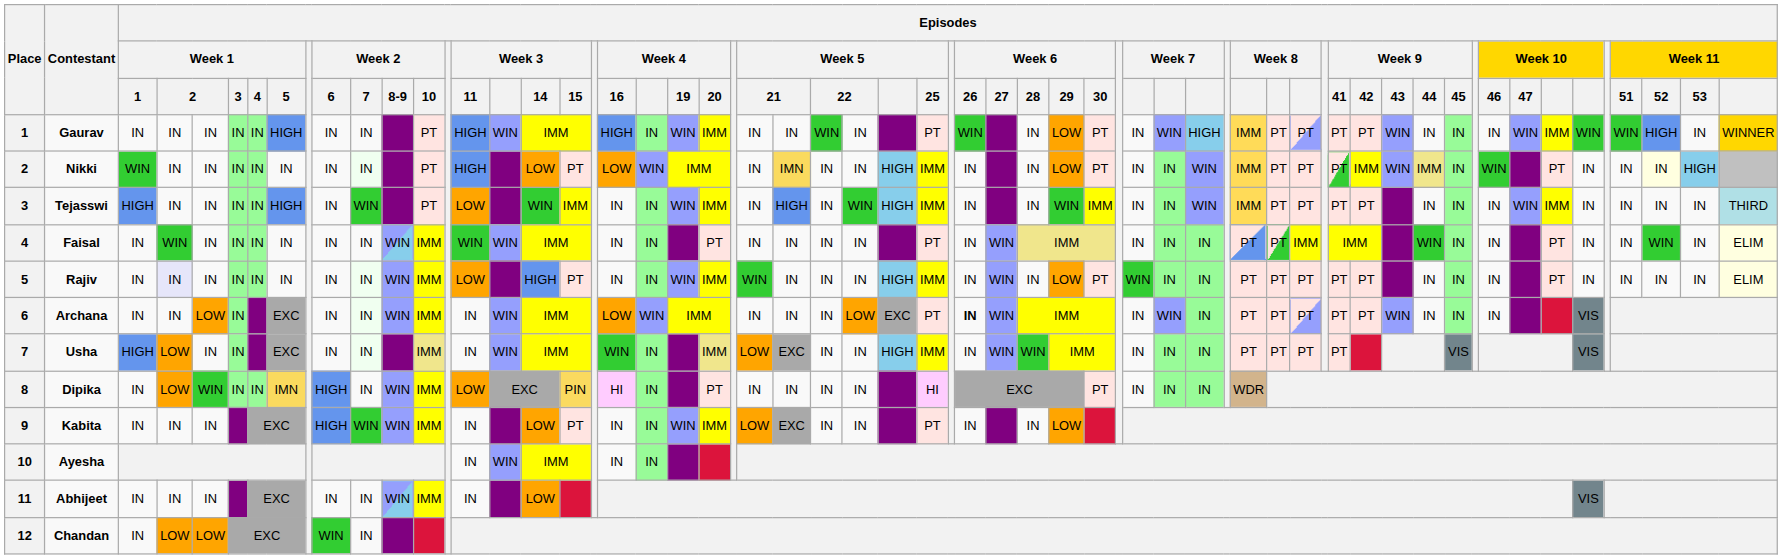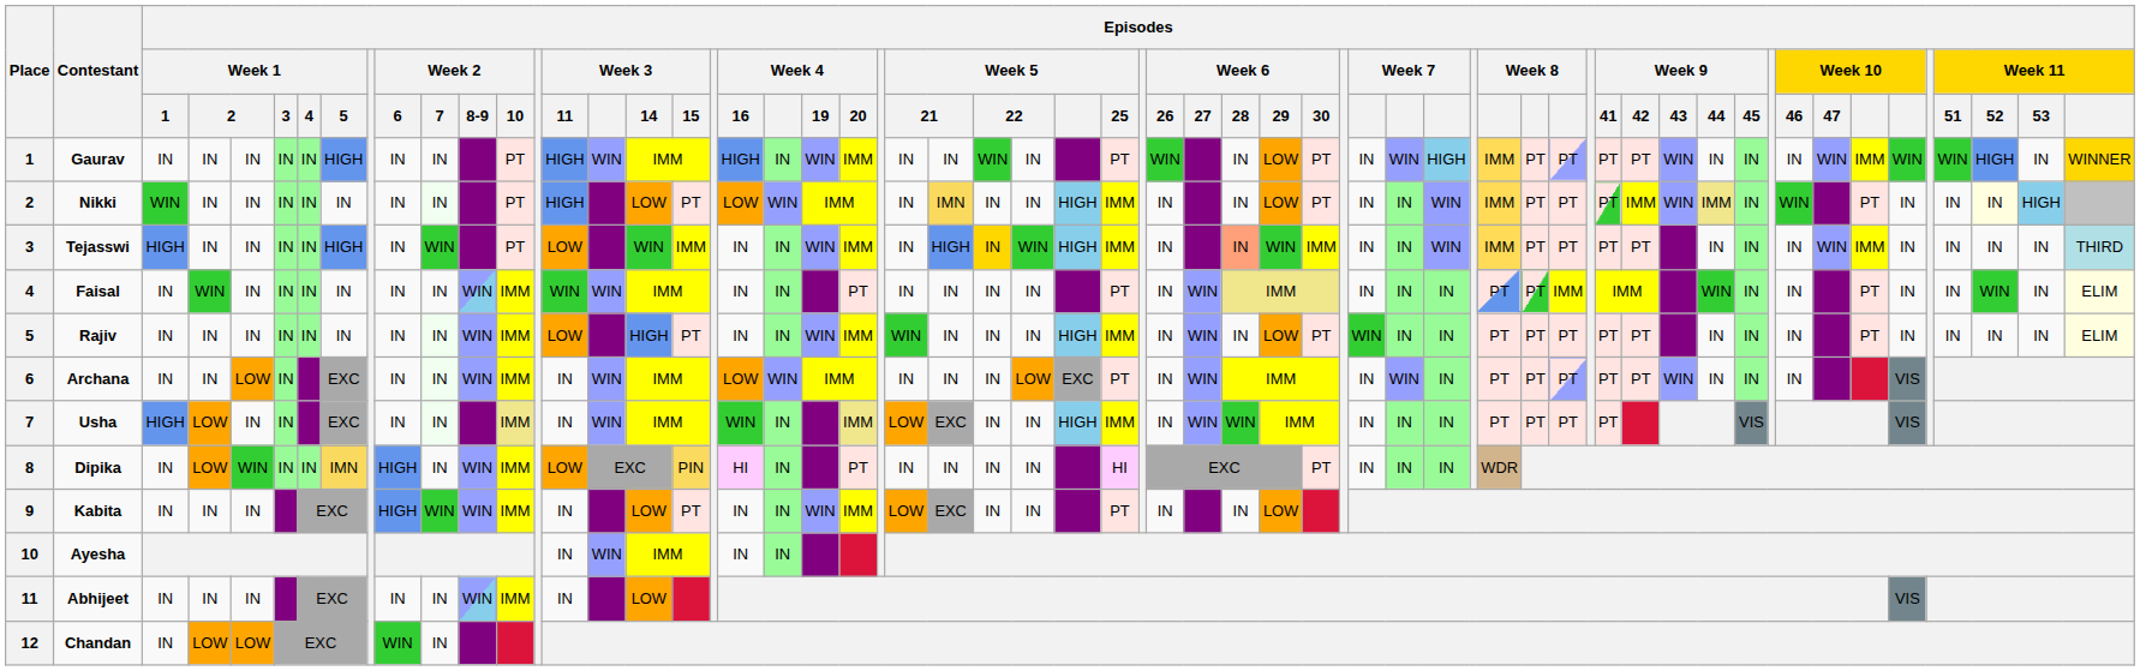 <table class="wikitable" style="text-align: center; font-size: 8pt; line-height:25px;">
 <tr>
 <th rowspan="3">Place</th>
 <th rowspan="3">Contestant</th>
 <th colspan="58">Episodes</th>
 </tr>
 <tr>
 <th colspan="6">Week 1</th>
 <th rowspan="14"></th>
 <th colspan="4">Week 2</th>
 <th rowspan="14"></th>
 <th colspan="4">Week 3</th>
 <th rowspan="13"></th>
 <th colspan="4">Week 4</th>
 <th rowspan="12"></th>
 <th colspan="6">Week 5</th>
 <th rowspan="11"></th>
 <th colspan="5">Week 6</th>
 <th rowspan="11"></th>
 <th colspan="3">Week 7</th>
 <th rowspan="10"></th>
 <th colspan="3">Week 8</th>
 <th rowspan="9"></th>
 <th colspan="5">Week 9</th>
 <th rowspan="9"></th>
 <th colspan="4" style="background:gold;">Week 10</th>
 <th rowspan="9"></th>
 <th colspan="4" style="background:gold;">Week 11</th>
 </tr>
 <tr>
 <th>1</th>
 <th colspan="2">2</th>
 <th>3</th>
 <th>4</th>
 <th>5</th>
 <th>6</th>
 <th>7</th>
 <th>8-9</th>
 <th>10</th>
 <th>11</th>
 <th></th>
 <th>14</th>
 <th>15</th>
 <th>16</th>
 <th></th>
 <th>19</th>
 <th>20</th>
 <th colspan="2">21</th>
 <th colspan="2">22</th>
 <th></th>
 <th>25</th>
 <th>26</th>
 <th>27</th>
 <th>28</th>
 <th>29</th>
 <th>30</th>
 <th></th>
 <th></th>
 <th></th>
 <th></th>
 <th></th>
 <th></th>
 <th>41</th>
 <th>42</th>
 <th>43</th>
 <th>44</th>
 <th>45</th>
 <th>46</th>
 <th>47</th>
 <th></th>
 <th></th>
 <th>51</th>
 <th>52</th>
 <th>53</th>
 <th></th>
 </tr>
 <tr>
 <th>1</th>
 <td><strong>Gaurav</strong></td>
 <td>IN</td>
 <td>IN</td>
 <td>IN</td>
 <td style="background:palegreen;">IN</td>
 <td style="background:palegreen;">IN</td>
 <td style="background:cornflowerblue;">HIGH</td>
 <td>IN</td>
 <td>IN</td>
 <td style="background:purple;"></td>
 <td style="background:mistyrose;">PT</td>
 <td style="background:cornflowerblue;">HIGH</td>
 <td style="background:#959FFD;">WIN</td>
 <td colspan="2" style="background:yellow;">IMM</td>
 <td style="background:cornflowerblue;">HIGH</td>
 <td style="background:palegreen;">IN</td>
 <td style="background:#959FFD;">WIN</td>
 <td style="background:yellow;">IMM</td>
 <td>IN</td>
 <td>IN</td>
 <td style="background:limegreen;">WIN</td>
 <td>IN</td>
 <td style="background:purple;"></td>
 <td style="background:mistyrose;">PT</td>
 <td style="background:limegreen;">WIN</td>
 <td style="background:purple;"></td>
 <td>IN</td>
 <td style="background:orange;">LOW</td>
 <td style="background:mistyrose;">PT</td>
 <td>IN</td>
 <td style="background:#959FFD;">WIN</td>
 <td style="background:skyblue;">HIGH</td>
 <td style="background:#FFDB58;">IMM</td>
 <td style="background:mistyrose;">PT</td>
 <td style="background-image: linear-gradient(to right bottom, mistyrose 50%, #959FFD 50%);">PT</td>
 <td style="background:mistyrose;">PT</td>
 <td style="background:mistyrose;">PT</td>
 <td style="background:#959FFD;">WIN</td>
 <td>IN</td>
 <td style="background:palegreen;">IN</td>
 <td>IN</td>
 <td style="background:#959FFD;">WIN</td>
 <td style="background:yellow;">IMM</td>
 <td style="background:limegreen;">WIN</td>
 <td style="background:limegreen;">WIN</td>
 <td style="background:cornflowerblue;">HIGH</td>
 <td>IN</td>
 <td style="background:gold;">WINNER</td>
 </tr>
 <tr>
 <th>2</th>
 <td><strong>Nikki</strong></td>
 <td style="background:limegreen;">WIN</td>
 <td>IN</td>
 <td>IN</td>
 <td style="background:palegreen;">IN</td>
 <td style="background:palegreen;">IN</td>
 <td>IN</td>
 <td>IN</td>
 <td style="background:honeydew;">IN</td>
 <td style="background:purple;"></td>
 <td style="background:mistyrose;">PT</td>
 <td style="background:cornflowerblue;">HIGH</td>
 <td style="background:purple;"></td>
 <td style="background:orange;">LOW</td>
 <td style="background:mistyrose;">PT</td>
 <td style="background:orange;">LOW</td>
 <td style="background:#959FFD;">WIN</td>
 <td colspan="2" style="background:yellow;">IMM</td>
 <td>IN</td>
 <td style="background:#FADA5E;">IMN</td>
 <td>IN</td>
 <td>IN</td>
 <td style="background:skyblue;">HIGH</td>
 <td style="background:yellow;">IMM</td>
 <td>IN</td>
 <td style="background:purple;"></td>
 <td>IN</td>
 <td style="background:orange;">LOW</td>
 <td style="background:mistyrose;">PT</td>
 <td>IN</td>
 <td style="background:palegreen;">IN</td>
 <td style="background:#959FFD;">WIN</td>
 <td style="background:#FFDB58;">IMM</td>
 <td style="background:mistyrose;">PT</td>
 <td style="background:mistyrose;">PT</td>
 <td style="background-image: linear-gradient(to right bottom, mistyrose 50%, limegreen 50%);">PT</td>
 <td style="background:yellow;">IMM</td>
 <td style="background:#959FFD;">WIN</td>
 <td style="background:khaki;">IMM</td>
 <td style="background:palegreen;">IN</td>
 <td style="background:limegreen;">WIN</td>
 <td style="background:purple;"></td>
 <td style="background:mistyrose;">PT</td>
 <td>IN</td>
 <td>IN</td>
 <td style="background: lightyellow;">IN</td>
 <td style="background:skyblue;">HIGH</td>
 <td style="background:silver;"></td>
 </tr>
 <tr>
 <th>3</th>
 <td><strong>Tejasswi</strong></td>
 <td style="background:cornflowerblue;">HIGH</td>
 <td>IN</td>
 <td>IN</td>
 <td style="background:palegreen;">IN</td>
 <td style="background:palegreen;">IN</td>
 <td style="background:cornflowerblue;">HIGH</td>
 <td>IN</td>
 <td style="background:limegreen;">WIN</td>
 <td style="background:purple;"></td>
 <td style="background:mistyrose;">PT</td>
 <td style="background:orange;">LOW</td>
 <td style="background:purple;"></td>
 <td style="background:limegreen;">WIN</td>
 <td style="background:yellow;">IMM</td>
 <td>IN</td>
 <td style="background:palegreen;">IN</td>
 <td style="background:#959FFD;">WIN</td>
 <td style="background:yellow;">IMM</td>
 <td>IN</td>
 <td style="background:cornflowerblue;">HIGH</td>
-<td>IN</td>
+<td style="background: gold;">IN</td>
 <td style="background:limegreen;">WIN</td>
 <td style="background:skyblue;">HIGH</td>
 <td style="background:yellow;">IMM</td>
 <td>IN</td>
 <td style="background:purple;"></td>
-<td>IN</td>
+<td style="background: lightsalmon;">IN</td>
 <td style="background:limegreen;">WIN</td>
 <td style="background:yellow;">IMM</td>
 <td>IN</td>
 <td style="background:palegreen;">IN</td>
 <td style="background:#959FFD;">WIN</td>
 <td style="background:#FFDB58;">IMM</td>
 <td style="background:mistyrose;">PT</td>
 <td style="background:mistyrose;">PT</td>
 <td style="background:mistyrose;">PT</td>
 <td style="background:mistyrose;">PT</td>
 <td style="background:purple;"></td>
 <td>IN</td>
 <td style="background:palegreen;">IN</td>
 <td>IN</td>
 <td style="background:#959FFD;">WIN</td>
 <td style="background:yellow;">IMM</td>
 <td>IN</td>
 <td>IN</td>
 <td>IN</td>
 <td>IN</td>
 <td style="background:#B0E0E6;">THIRD</td>
 </tr>
 <tr>
 <th>4</th>
 <td><strong>Faisal</strong></td>
 <td>IN</td>
 <td style="background:limegreen;">WIN</td>
 <td>IN</td>
 <td style="background:palegreen;">IN</td>
 <td style="background:palegreen;">IN</td>
 <td>IN</td>
 <td>IN</td>
 <td>IN</td>
 <td style="background-image: linear-gradient(to right bottom, #959FFD 50%, skyblue 50%);">WIN</td>
 <td style="background:yellow;">IMM</td>
 <td style="background:limegreen;">WIN</td>
 <td style="background:#959FFD;">WIN</td>
 <td colspan="2" style="background:yellow;">IMM</td>
 <td>IN</td>
 <td style="background:palegreen;">IN</td>
 <td style="background:purple;"></td>
 <td style="background:mistyrose;">PT</td>
 <td>IN</td>
 <td>IN</td>
 <td>IN</td>
 <td>IN</td>
 <td style="background:purple;"></td>
 <td style="background:mistyrose;">PT</td>
 <td>IN</td>
 <td style="background:#959FFD;">WIN</td>
 <td colspan="3" style="background:khaki;">IMM</td>
 <td>IN</td>
 <td style="background:palegreen;">IN</td>
 <td style="background:palegreen;">IN</td>
 <td style="background-image: linear-gradient(to right bottom, mistyrose 50%, cornflowerblue 50%);">PT</td>
 <td style="background-image: linear-gradient(to right bottom, mistyrose 50%, limegreen 50%);">PT</td>
 <td style="background:yellow;">IMM</td>
 <td colspan="2" style="background:yellow;">IMM</td>
 <td style="background:purple;"></td>
 <td style="background:limegreen;">WIN</td>
 <td style="background:palegreen;">IN</td>
 <td>IN</td>
 <td style="background:purple;"></td>
 <td style="background:mistyrose;">PT</td>
 <td>IN</td>
 <td>IN</td>
 <td style="background:limegreen;">WIN</td>
 <td>IN</td>
 <td style="background:lightyellow;">ELIM</td>
 </tr>
 <tr>
 <th>5</th>
 <td><strong>Rajiv</strong></td>
 <td>IN</td>
-<td style="background: lavender;">IN</td>
+<td>IN</td>
 <td>IN</td>
 <td style="background:palegreen;">IN</td>
 <td style="background:palegreen;">IN</td>
 <td>IN</td>
 <td>IN</td>
 <td style="background:honeydew;">IN</td>
 <td style="background:#959FFD;">WIN</td>
 <td style="background:yellow;">IMM</td>
 <td style="background:orange;">LOW</td>
 <td style="background:purple;"></td>
 <td style="background: cornflowerblue;">HIGH</td>
 <td style="background:mistyrose;">PT</td>
 <td>IN</td>
 <td style="background:palegreen;">IN</td>
 <td style="background:#959FFD;">WIN</td>
 <td style="background:yellow;">IMM</td>
 <td style="background:limegreen;">WIN</td>
 <td>IN</td>
 <td>IN</td>
 <td>IN</td>
 <td style="background:skyblue;">HIGH</td>
 <td style="background:yellow;">IMM</td>
 <td>IN</td>
 <td style="background:#959FFD;">WIN</td>
 <td>IN</td>
 <td style="background:orange;">LOW</td>
 <td style="background:mistyrose;">PT</td>
 <td style="background:limegreen;">WIN</td>
 <td style="background:palegreen;">IN</td>
 <td style="background:palegreen;">IN</td>
 <td style="background:mistyrose;">PT</td>
 <td style="background:mistyrose;">PT</td>
 <td style="background:mistyrose;">PT</td>
 <td style="background:mistyrose;">PT</td>
 <td style="background:mistyrose;">PT</td>
 <td style="background:purple;"></td>
 <td>IN</td>
 <td style="background:palegreen;">IN</td>
 <td>IN</td>
 <td style="background:purple;"></td>
 <td style="background:mistyrose;">PT</td>
 <td>IN</td>
 <td>IN</td>
 <td>IN</td>
 <td>IN</td>
 <td style="background:lightyellow;">ELIM</td>
 </tr>
 <tr>
 <th>6</th>
 <td><strong>Archana</strong></td>
 <td>IN</td>
 <td>IN</td>
 <td style="background:orange;">LOW</td>
 <td style="background:palegreen;">IN</td>
 <td style="background:purple;"></td>
 <td style="background:darkgray;">EXC</td>
 <td>IN</td>
 <td style="background:honeydew;">IN</td>
 <td style="background:#959FFD;">WIN</td>
 <td style="background:yellow;">IMM</td>
 <td>IN</td>
 <td style="background:#959FFD;">WIN</td>
 <td colspan="2" style="background:yellow;">IMM</td>
 <td style="background:orange;">LOW</td>
 <td style="background:#959FFD;">WIN</td>
 <td colspan="2" style="background:yellow;">IMM</td>
 <td>IN</td>
 <td>IN</td>
 <td>IN</td>
 <td style="background:orange;">LOW</td>
 <td style="background:darkgray;">EXC</td>
 <td style="background:mistyrose;">PT</td>
-<td><strong>IN</strong></td>
+<td>IN</td>
 <td style="background:#959FFD;">WIN</td>
 <td colspan="3" style="background:yellow;">IMM</td>
 <td>IN</td>
 <td style="background:#959FFD;">WIN</td>
 <td style="background:palegreen;">IN</td>
 <td style="background:mistyrose;">PT</td>
 <td style="background:mistyrose;">PT</td>
 <td style="background-image: linear-gradient(to right bottom, mistyrose 50%, #959FFD 50%);">PT</td>
 <td style="background:mistyrose;">PT</td>
 <td style="background:mistyrose;">PT</td>
 <td style="background:#959FFD;">WIN</td>
 <td>IN</td>
 <td style="background:palegreen;">IN</td>
 <td>IN</td>
 <td style="background:purple;"></td>
 <td style="background:crimson;"></td>
 <td style="background:#72858C;">VIS</td>
 <th colspan="5"></th>
 </tr>
 <tr>
 <th>7</th>
 <td><strong>Usha</strong></td>
 <td style="background:cornflowerblue;">HIGH</td>
 <td style="background:orange;">LOW</td>
 <td>IN</td>
 <td style="background:palegreen;">IN</td>
 <td style="background:purple;"></td>
 <td style="background:darkgray;">EXC</td>
 <td>IN</td>
 <td style="background:honeydew;">IN</td>
 <td style="background:purple;"></td>
 <td style="background:khaki;">IMM</td>
 <td>IN</td>
 <td style="background:#959FFD;">WIN</td>
 <td colspan="2" style="background:yellow;">IMM</td>
 <td style="background:limegreen;">WIN</td>
 <td style="background:palegreen;">IN</td>
 <td style="background:purple;"></td>
 <td style="background:khaki;">IMM</td>
 <td style="background:orange;">LOW</td>
 <td style="background:darkgray;">EXC</td>
 <td>IN</td>
 <td>IN</td>
 <td style="background:skyblue;">HIGH</td>
 <td style="background:yellow;">IMM</td>
 <td>IN</td>
 <td style="background:#959FFD;">WIN</td>
 <td style="background:limegreen;">WIN</td>
 <td colspan="2" style="background:yellow;">IMM</td>
 <td>IN</td>
 <td style="background:palegreen;">IN</td>
 <td style="background:palegreen;">IN</td>
 <td style="background:mistyrose;">PT</td>
 <td style="background:mistyrose;">PT</td>
 <td style="background:mistyrose;">PT</td>
 <td style="background:mistyrose;">PT</td>
 <td style="background:crimson;"></td>
 <th colspan="2"></th>
 <td style="background:#72858C;">VIS</td>
 <th colspan="3"></th>
 <td style="background:#72858C;">VIS</td>
 <th colspan="5"></th>
 </tr>
 <tr>
 <th>8</th>
 <td><strong>Dipika</strong></td>
 <td>IN</td>
 <td style="background:orange;">LOW</td>
 <td style="background:limegreen;">WIN</td>
 <td style="background:palegreen;">IN</td>
 <td style="background:palegreen;">IN</td>
 <td style="background:#FADA5E;">IMN</td>
 <td style="background:cornflowerblue;">HIGH</td>
 <td>IN</td>
 <td style="background:#959FFD;">WIN</td>
 <td style="background:yellow;">IMM</td>
 <td style="background:orange;">LOW</td>
 <td colspan="2" style="background:darkgray;">EXC</td>
 <td style="background:#FADA5F;">PIN</td>
 <td style="background:#fcf;">HI</td>
 <td style="background:palegreen;">IN</td>
 <td style="background:purple;"></td>
 <td style="background:mistyrose;">PT</td>
 <td>IN</td>
 <td>IN</td>
 <td>IN</td>
 <td>IN</td>
 <td style="background:purple;"></td>
 <td style="background:#fcf;">HI</td>
 <td colspan="4" style="background:darkgray;">EXC</td>
 <td style="background:mistyrose;">PT</td>
 <td>IN</td>
 <td style="background:palegreen;">IN</td>
 <td style="background:palegreen;">IN</td>
 <td style="background:tan;">WDR</td>
 <th colspan="18"></th>
 </tr>
 <tr>
 <th>9</th>
 <td><strong>Kabita</strong></td>
 <td>IN</td>
 <td>IN</td>
 <td>IN</td>
 <td style="background:purple;"></td>
 <td colspan="2" style="background:darkgray;">EXC</td>
 <td style="background:cornflowerblue;">HIGH</td>
 <td style="background:limegreen;">WIN</td>
 <td style="background:#959FFD;">WIN</td>
 <td style="background:yellow;">IMM</td>
 <td>IN</td>
 <td style="background:purple;"></td>
 <td style="background:orange;">LOW</td>
 <td style="background:mistyrose;">PT</td>
 <td>IN</td>
 <td style="background:palegreen;">IN</td>
 <td style="background:#959FFD;">WIN</td>
 <td style="background:yellow;">IMM</td>
 <td style="background:orange;">LOW</td>
 <td style="background:darkgray;">EXC</td>
 <td>IN</td>
 <td>IN</td>
 <td style="background:purple;"></td>
 <td style="background:mistyrose;">PT</td>
 <td>IN</td>
 <td style="background:purple;"></td>
 <td>IN</td>
 <td style="background:orange;">LOW</td>
 <td style="background:crimson;"></td>
 <th colspan="23"></th>
 </tr>
 <tr>
 <th>10</th>
 <td><strong>Ayesha</strong></td>
 <th colspan="6"></th>
 <th colspan="4"></th>
 <td>IN</td>
 <td style="background:#959FFD;">WIN</td>
 <td colspan="2" style="background:yellow;">IMM</td>
 <td>IN</td>
 <td style="background:palegreen;">IN</td>
 <td style="background:purple;"></td>
 <td style="background:crimson;"></td>
 <th colspan="36"></th>
 </tr>
 <tr>
 <th>11</th>
 <td><strong>Abhijeet</strong></td>
 <td>IN</td>
 <td>IN</td>
 <td>IN</td>
 <td style="background:purple;"></td>
 <td colspan="2" style="background:darkgray;">EXC</td>
 <td>IN</td>
 <td>IN</td>
 <td style="background-image: linear-gradient(to right bottom, #959FFD 50%, skyblue 50%);">WIN</td>
 <td style="background:yellow;">IMM</td>
 <td>IN</td>
 <td style="background:purple;"></td>
 <td style="background:orange;">LOW</td>
 <td style="background:crimson;"></td>
 <th colspan="35"></th>
 <td style="background:#72858C;">VIS</td>
 <th colspan="5"></th>
 </tr>
 <tr>
 <th>12</th>
 <td><strong>Chandan</strong></td>
 <td>IN</td>
 <td style="background:orange;">LOW</td>
 <td style="background:orange;">LOW</td>
 <td colspan="3" style="background:darkgray;">EXC</td>
 <td style="background:limegreen;">WIN</td>
 <td>IN</td>
 <td style="background:purple;"></td>
 <td style="background:crimson;"></td>
 <th colspan="46"></th>
 </tr>
 </table>
